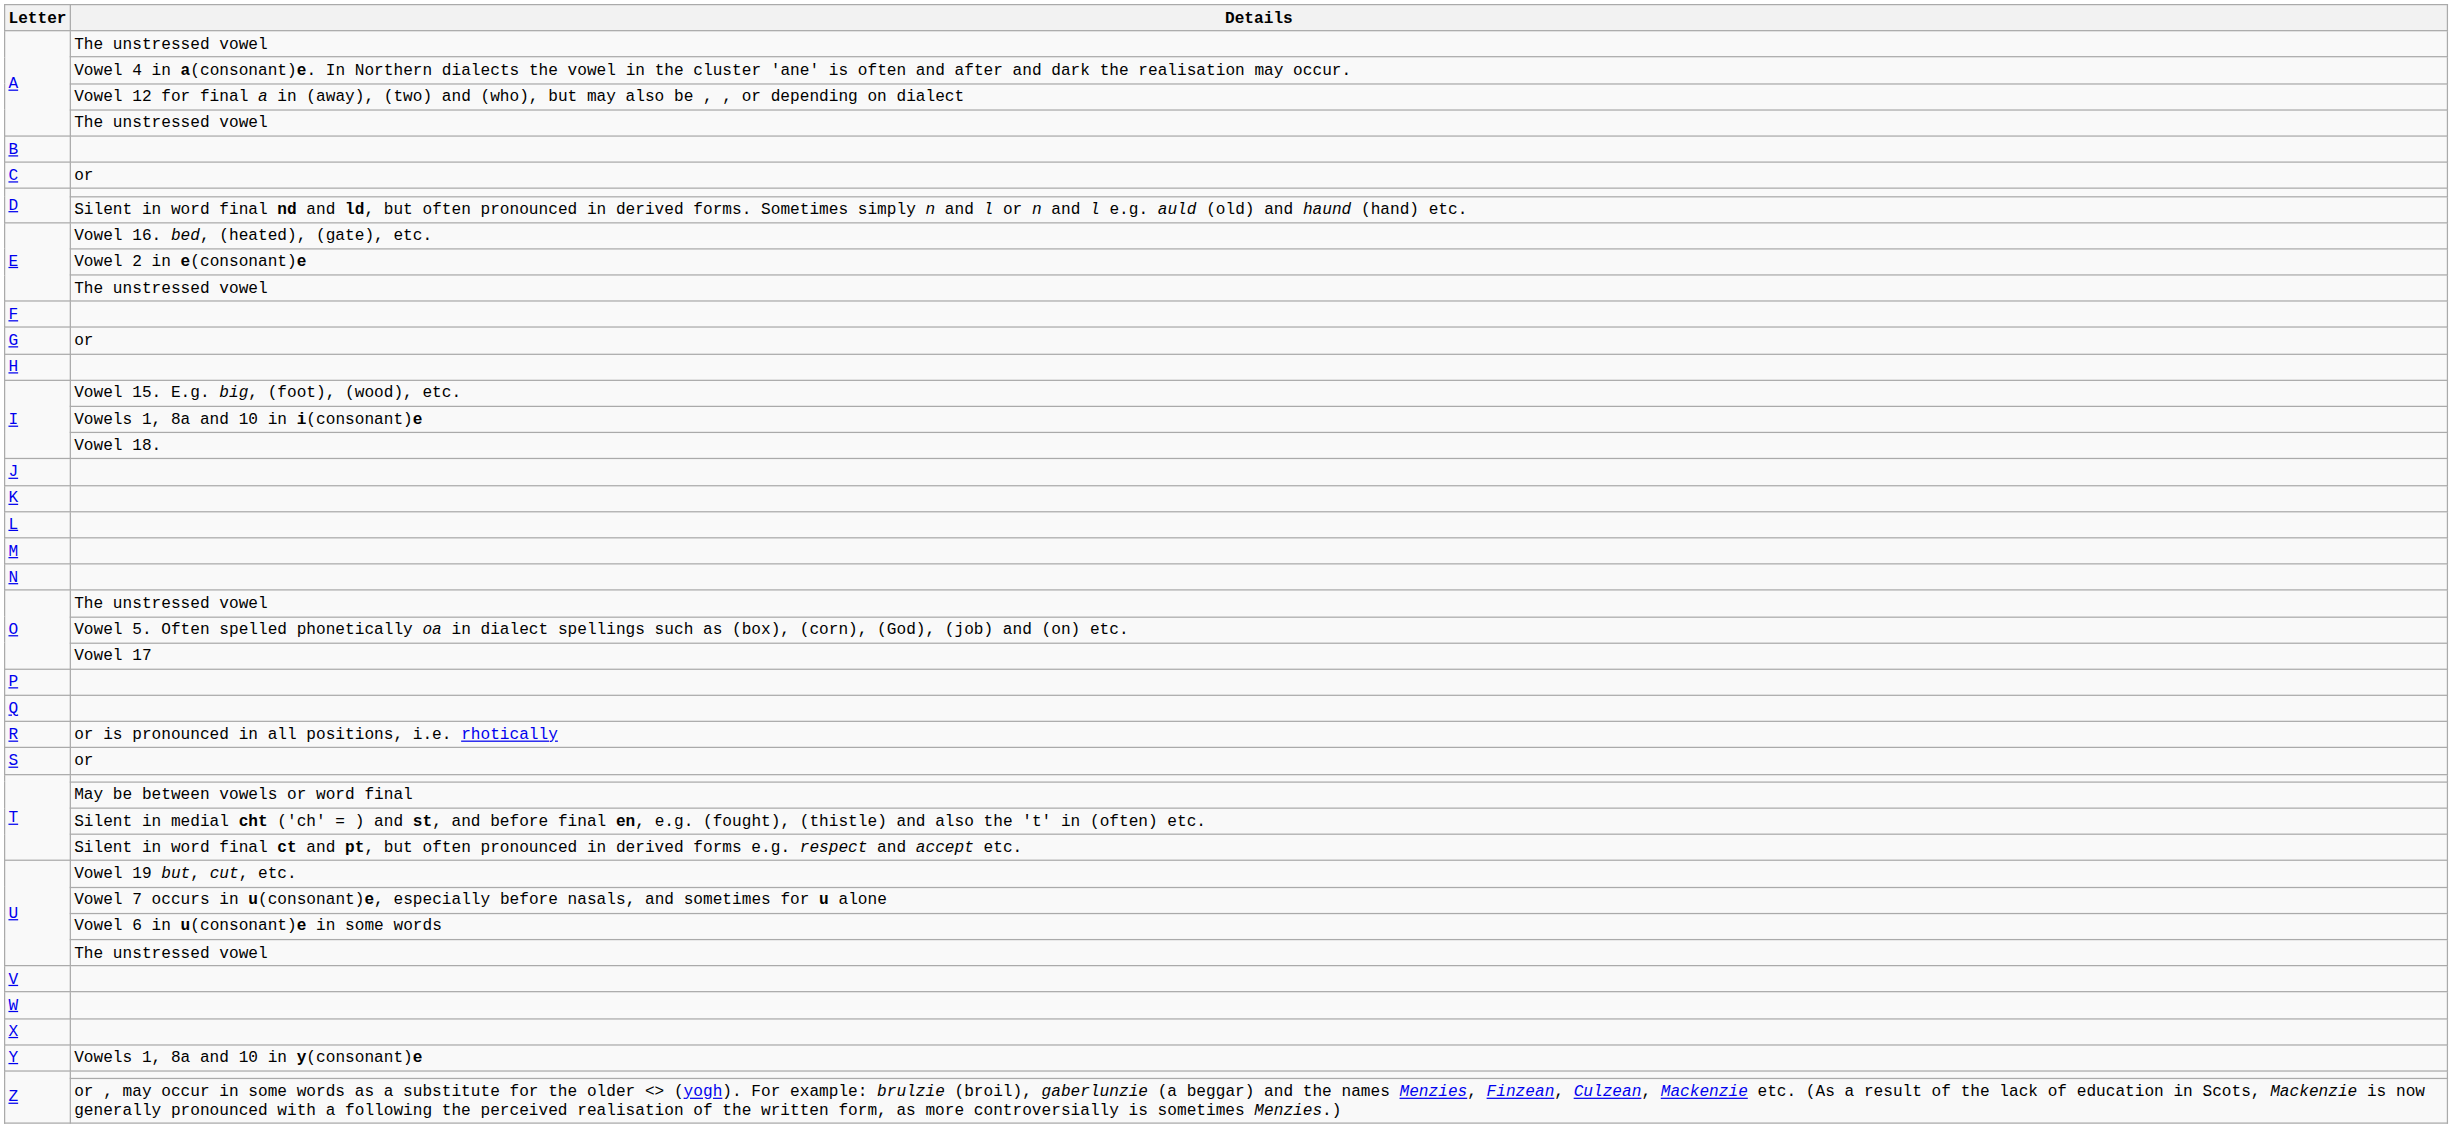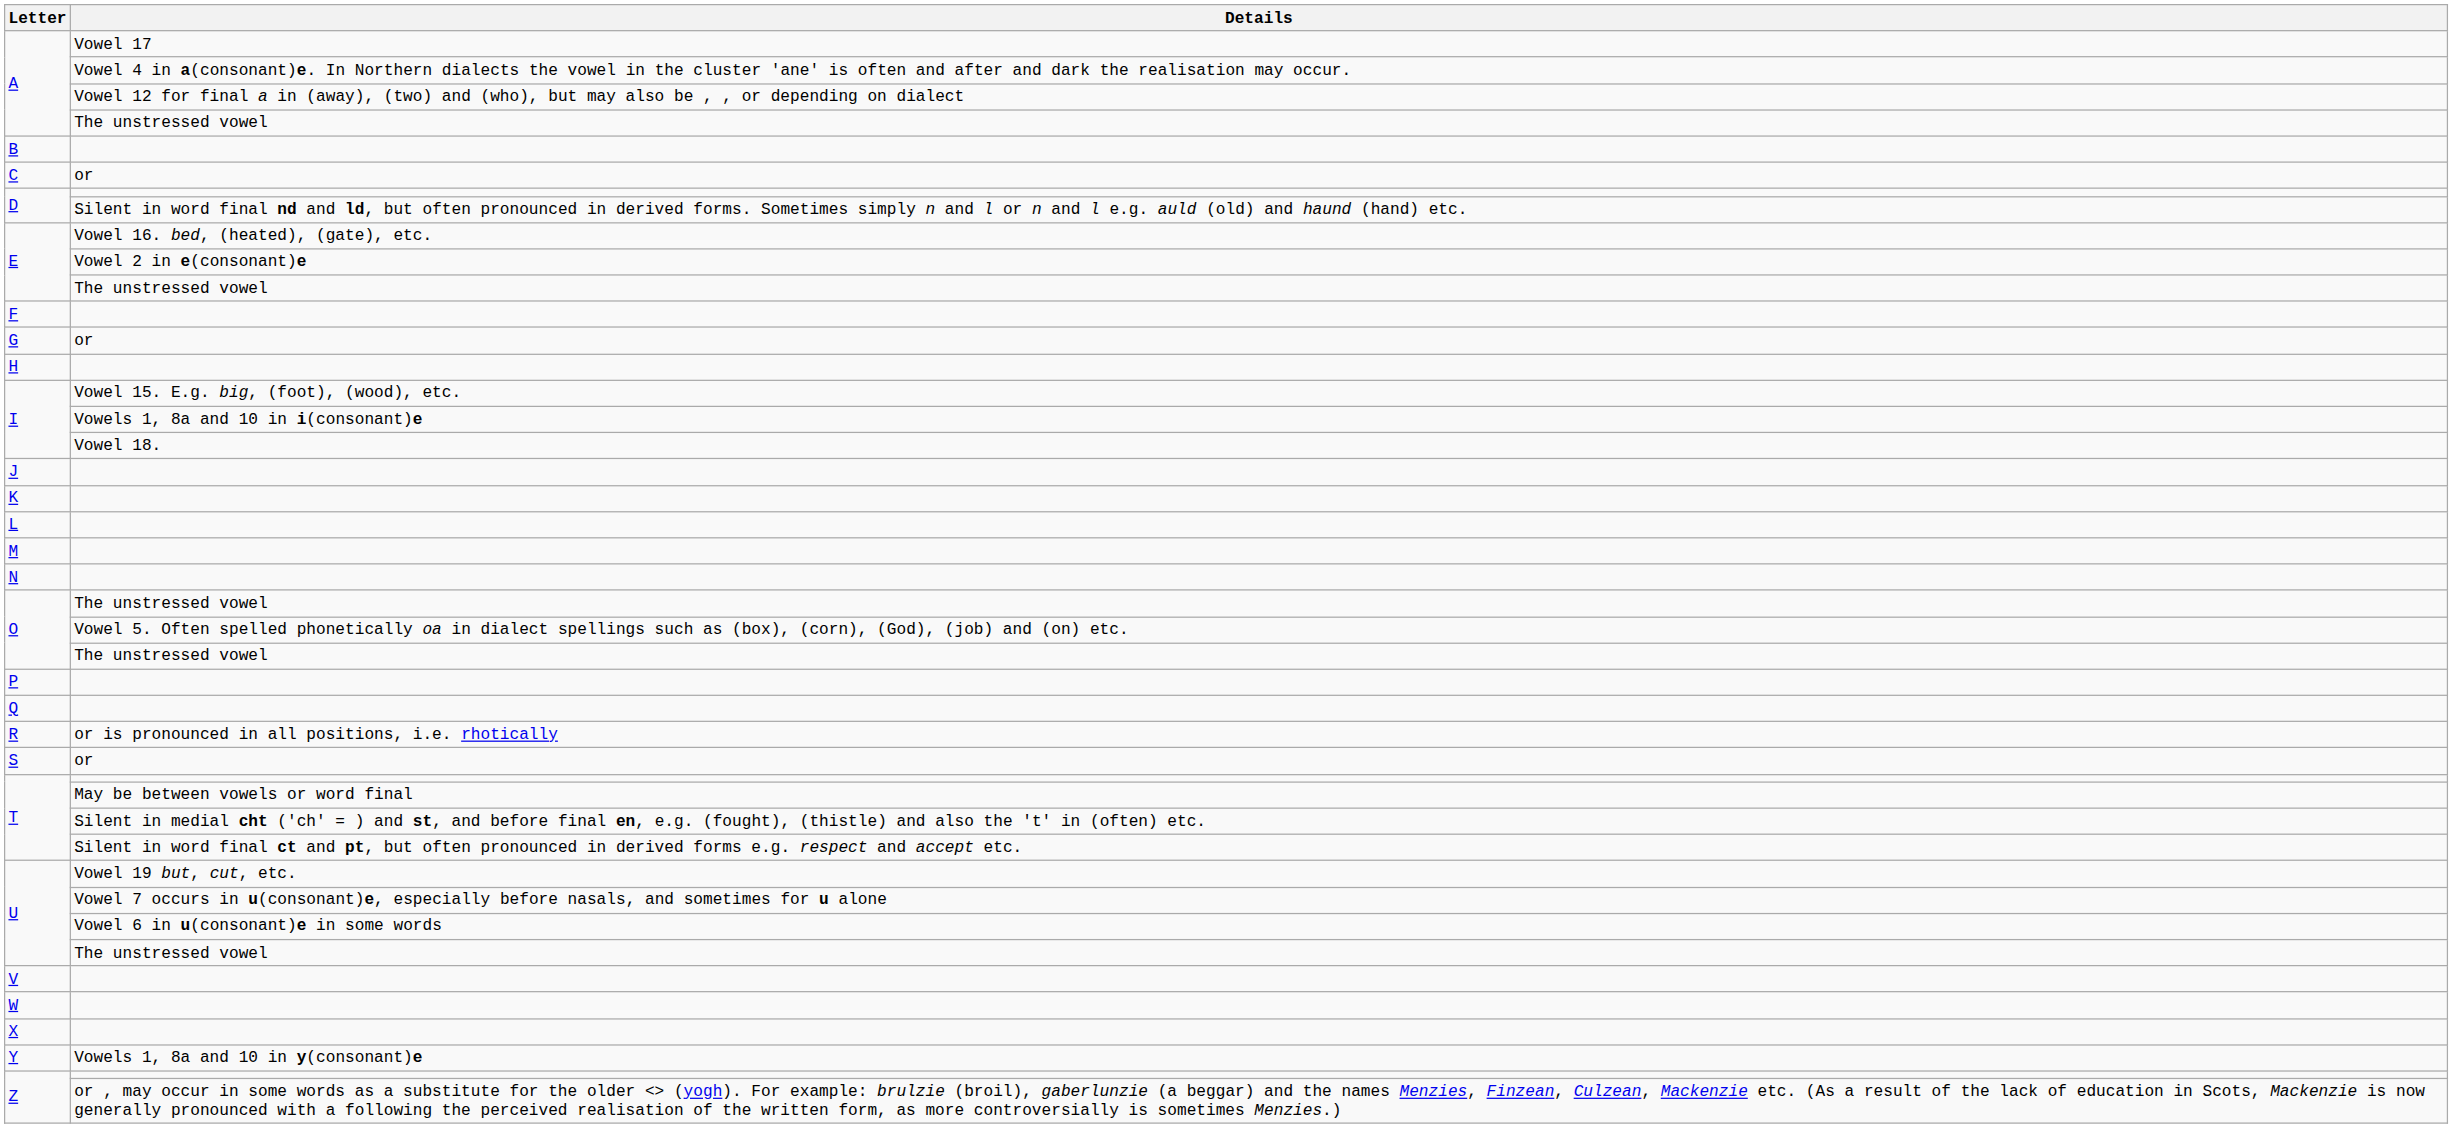 <table class="wikitable" border="1">
 <tr>
 <th>Letter</th>
 <th>Details</th>
 </tr>
 <tr>
 <td rowspan="4"><a href='#'>A</a></td>
-<td>The unstressed vowel </td>
+<td>Vowel 17</td>
 </tr>
 <tr>
 <td>Vowel 4 in <strong>a</strong>(consonant)<strong>e</strong>. In Northern dialects the vowel in the cluster 'ane' is often  and after  and dark  the realisation  may occur.</td>
 </tr>
 <tr>
 <td>Vowel 12 for final <em>a</em> in  (away),  (two) and  (who), but may also be , ,  or  depending on dialect</td>
 </tr>
 <tr>
 <td>The unstressed vowel </td>
 </tr>
 <tr>
 <td><a href='#'>B</a></td>
 <td></td>
 </tr>
 <tr>
 <td><a href='#'>C</a></td>
 <td> or </td>
 </tr>
 <tr>
 <td rowspan="2"><a href='#'>D</a></td>
 <td></td>
 </tr>
 <tr>
 <td>Silent in word final <strong>nd</strong> and <strong>ld</strong>, but often pronounced in derived forms. Sometimes simply <em>n</em> and <em>l</em> or <em>n</em> and <em>l</em> e.g. <em>auld</em> (old) and <em>haund</em> (hand) etc.</td>
 </tr>
 <tr>
 <td rowspan="3"><a href='#'>E</a></td>
 <td>Vowel 16. <em>bed</em>,  (heated),  (gate), etc.</td>
 </tr>
 <tr>
 <td>Vowel 2 in <strong>e</strong>(consonant)<strong>e</strong></td>
 </tr>
 <tr>
 <td>The unstressed vowel </td>
 </tr>
 <tr>
 <td><a href='#'>F</a></td>
 <td></td>
 </tr>
 <tr>
 <td><a href='#'>G</a></td>
 <td> or </td>
 </tr>
 <tr>
 <td><a href='#'>H</a></td>
 <td></td>
 </tr>
 <tr>
 <td rowspan="3"><a href='#'>I</a></td>
 <td>Vowel 15. E.g. <em>big</em>,  (foot),  (wood), etc.</td>
 </tr>
 <tr>
 <td>Vowels 1, 8a and 10 in <strong>i</strong>(consonant)<strong>e</strong></td>
 </tr>
 <tr>
 <td>Vowel 18.</td>
 </tr>
 <tr>
 <td><a href='#'>J</a></td>
 <td></td>
 </tr>
 <tr>
 <td><a href='#'>K</a></td>
 <td></td>
 </tr>
 <tr>
 <td><a href='#'>L</a></td>
 <td></td>
 </tr>
 <tr>
 <td><a href='#'>M</a></td>
 <td></td>
 </tr>
 <tr>
 <td><a href='#'>N</a></td>
 <td></td>
 </tr>
 <tr>
 <td rowspan="3"><a href='#'>O</a></td>
 <td>The unstressed vowel </td>
 </tr>
 <tr>
 <td>Vowel 5. Often spelled phonetically <em>oa</em> in dialect spellings such as  (box),  (corn),  (God),  (job) and  (on) etc.</td>
 </tr>
 <tr>
-<td>Vowel 17</td>
+<td>The unstressed vowel </td>
 </tr>
 <tr>
 <td><a href='#'>P</a></td>
 <td></td>
 </tr>
 <tr>
 <td><a href='#'>Q</a></td>
 <td></td>
 </tr>
 <tr>
 <td><a href='#'>R</a></td>
 <td> or  is pronounced in all positions, i.e. <a href='#'>rhotically</a></td>
 </tr>
 <tr>
 <td><a href='#'>S</a></td>
 <td> or </td>
 </tr>
 <tr>
 <td rowspan="4"><a href='#'>T</a></td>
 <td></td>
 </tr>
 <tr>
 <td>May be  between vowels or word final</td>
 </tr>
 <tr>
 <td>Silent in medial <strong>cht</strong> ('ch' = ) and <strong>st</strong>, and before final <strong>en</strong>, e.g.  (fought),  (thistle) and also the 't' in  (often) etc.</td>
 </tr>
 <tr>
 <td>Silent in word final <strong>ct</strong> and <strong>pt</strong>, but often pronounced in derived forms e.g. <em>respect</em> and <em>accept</em> etc.</td>
 </tr>
 <tr>
 <td rowspan="4"><a href='#'>U</a></td>
 <td>Vowel 19 <em>but</em>, <em>cut</em>, etc.</td>
 </tr>
 <tr>
 <td>Vowel 7 occurs in <strong>u</strong>(consonant)<strong>e</strong>, especially before nasals, and sometimes for <strong>u</strong> alone</td>
 </tr>
 <tr>
 <td>Vowel 6 in <strong>u</strong>(consonant)<strong>e</strong> in some words</td>
 </tr>
 <tr>
 <td>The unstressed vowel </td>
 </tr>
 <tr>
 <td><a href='#'>V</a></td>
 <td></td>
 </tr>
 <tr>
 <td><a href='#'>W</a></td>
 <td></td>
 </tr>
 <tr>
 <td><a href='#'>X</a></td>
 <td></td>
 </tr>
 <tr>
 <td><a href='#'>Y</a></td>
 <td>Vowels 1, 8a and 10 in <strong>y</strong>(consonant)<strong>e</strong></td>
 </tr>
 <tr>
 <td rowspan="2"><a href='#'>Z</a></td>
 <td></td>
 </tr>
 <tr>
 <td> or , may occur in some words as a substitute for the older <> (<a href='#'>yogh</a>). For example: <em>brulzie</em> (broil), <em>gaberlunzie</em> (a beggar) and the names <em><a href='#'>Menzies</a></em>, <em><a href='#'>Finzean</a></em>, <em><a href='#'>Culzean</a></em>, <em><a href='#'>Mackenzie</a></em> etc. (As a result of the lack of education in Scots, <em>Mackenzie</em> is now generally pronounced with a  following the perceived realisation of the written form, as more controversially is sometimes <em>Menzies</em>.)</td>
 </tr>
 </table>
